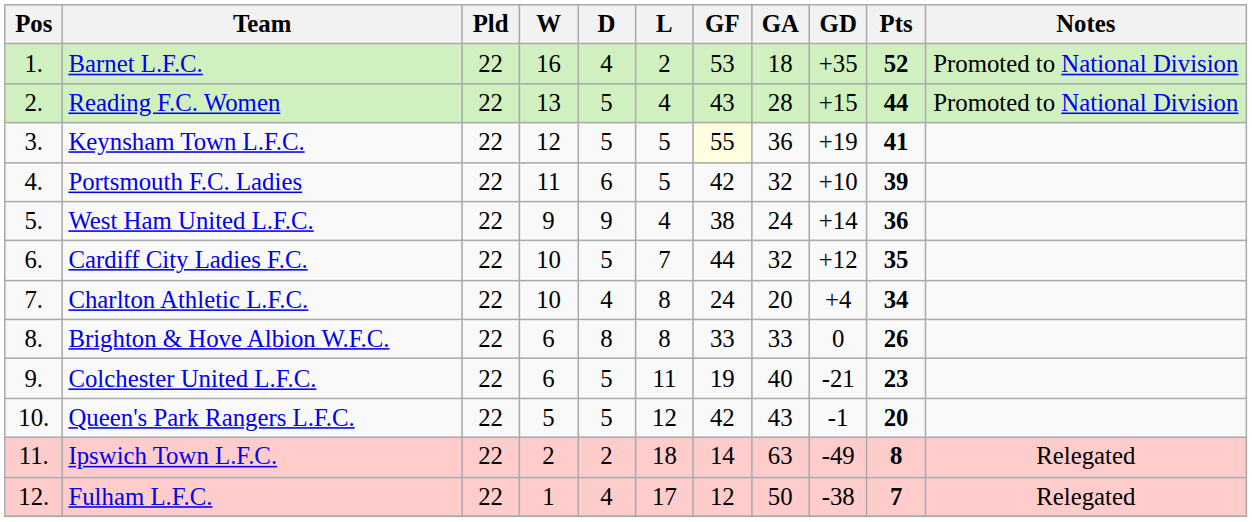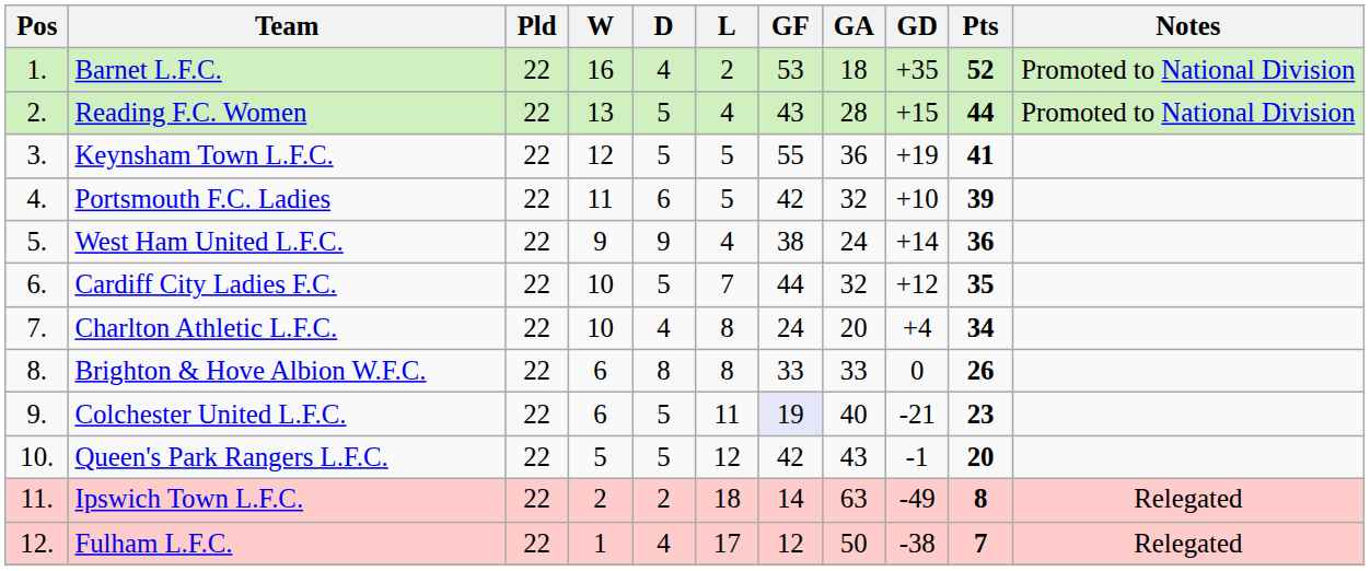 <table class="wikitable" style="text-align:center;">
 <tr>
 <th width=30 abbr="Position">Pos</th>
 <th width=250>Team</th>
 <th width=30 abbr="Played">Pld</th>
 <th width=30 abbr="Won">W</th>
 <th width=30 abbr="Drawn">D</th>
 <th width=30 abbr="Lost">L</th>
 <th width=30 abbr="Goals for">GF</th>
 <th width=30 abbr="Goals against">GA</th>
 <th width=30 abbr="Goal difference">GD</th>
 <th width=30 abbr="Points">Pts</th>
 <th width=200>Notes</th>
 </tr>
 <tr bgcolor="D0F0C0">
 <td>1.</td>
 <td align="left"><a href='#'>Barnet L.F.C.</a></td>
 <td>22</td>
 <td>16</td>
 <td>4</td>
 <td>2</td>
 <td>53</td>
 <td>18</td>
 <td>+35</td>
 <td><strong>52</strong></td>
 <td>Promoted to <a href='#'>National Division</a></td>
 </tr>
 <tr bgcolor="D0F0C0">
 <td>2.</td>
 <td align="left"><a href='#'>Reading F.C. Women</a></td>
 <td>22</td>
 <td>13</td>
 <td>5</td>
 <td>4</td>
 <td>43</td>
 <td>28</td>
 <td>+15</td>
 <td><strong>44</strong></td>
 <td>Promoted to <a href='#'>National Division</a></td>
 </tr>
 <tr>
 <td>3.</td>
 <td align="left"><a href='#'>Keynsham Town L.F.C.</a></td>
 <td>22</td>
 <td>12</td>
 <td>5</td>
 <td>5</td>
-<td style="background: lightyellow;">55</td>
+<td>55</td>
 <td>36</td>
 <td>+19</td>
 <td><strong>41</strong></td>
 <td></td>
 </tr>
 <tr>
 <td>4.</td>
 <td align="left"><a href='#'>Portsmouth F.C. Ladies</a></td>
 <td>22</td>
 <td>11</td>
 <td>6</td>
 <td>5</td>
 <td>42</td>
 <td>32</td>
 <td>+10</td>
 <td><strong>39</strong></td>
 <td></td>
 </tr>
 <tr>
 <td>5.</td>
 <td align="left"><a href='#'>West Ham United L.F.C.</a></td>
 <td>22</td>
 <td>9</td>
 <td>9</td>
 <td>4</td>
 <td>38</td>
 <td>24</td>
 <td>+14</td>
 <td><strong>36</strong></td>
 <td></td>
 </tr>
 <tr>
 <td>6.</td>
 <td align="left"><a href='#'>Cardiff City Ladies F.C.</a></td>
 <td>22</td>
 <td>10</td>
 <td>5</td>
 <td>7</td>
 <td>44</td>
 <td>32</td>
 <td>+12</td>
 <td><strong>35</strong></td>
 <td></td>
 </tr>
 <tr>
 <td>7.</td>
 <td align="left"><a href='#'>Charlton Athletic L.F.C.</a></td>
 <td>22</td>
 <td>10</td>
 <td>4</td>
 <td>8</td>
 <td>24</td>
 <td>20</td>
 <td>+4</td>
 <td><strong>34</strong></td>
 <td></td>
 </tr>
 <tr>
 <td>8.</td>
 <td align="left"><a href='#'>Brighton & Hove Albion W.F.C.</a></td>
 <td>22</td>
 <td>6</td>
 <td>8</td>
 <td>8</td>
 <td>33</td>
 <td>33</td>
 <td>0</td>
 <td><strong>26</strong></td>
 <td></td>
 </tr>
 <tr>
 <td>9.</td>
 <td align="left"><a href='#'>Colchester United L.F.C.</a></td>
 <td>22</td>
 <td>6</td>
 <td>5</td>
 <td>11</td>
-<td>19</td>
+<td style="background: lavender;">19</td>
 <td>40</td>
 <td>-21</td>
 <td><strong>23</strong></td>
 <td></td>
 </tr>
 <tr>
 <td>10.</td>
 <td align="left"><a href='#'>Queen's Park Rangers L.F.C.</a></td>
 <td>22</td>
 <td>5</td>
 <td>5</td>
 <td>12</td>
 <td>42</td>
 <td>43</td>
 <td>-1</td>
 <td><strong>20</strong></td>
 <td></td>
 </tr>
 <tr bgcolor="FFCCCC">
 <td>11.</td>
 <td align="left"><a href='#'>Ipswich Town L.F.C.</a></td>
 <td>22</td>
 <td>2</td>
 <td>2</td>
 <td>18</td>
 <td>14</td>
 <td>63</td>
 <td>-49</td>
 <td><strong>8</strong></td>
 <td>Relegated</td>
 </tr>
 <tr bgcolor="FFCCCC">
 <td>12.</td>
 <td align="left"><a href='#'>Fulham L.F.C.</a></td>
 <td>22</td>
 <td>1</td>
 <td>4</td>
 <td>17</td>
 <td>12</td>
 <td>50</td>
 <td>-38</td>
 <td><strong>7</strong></td>
 <td>Relegated</td>
 </tr>
 <tr>
 </tr>
 </table>
